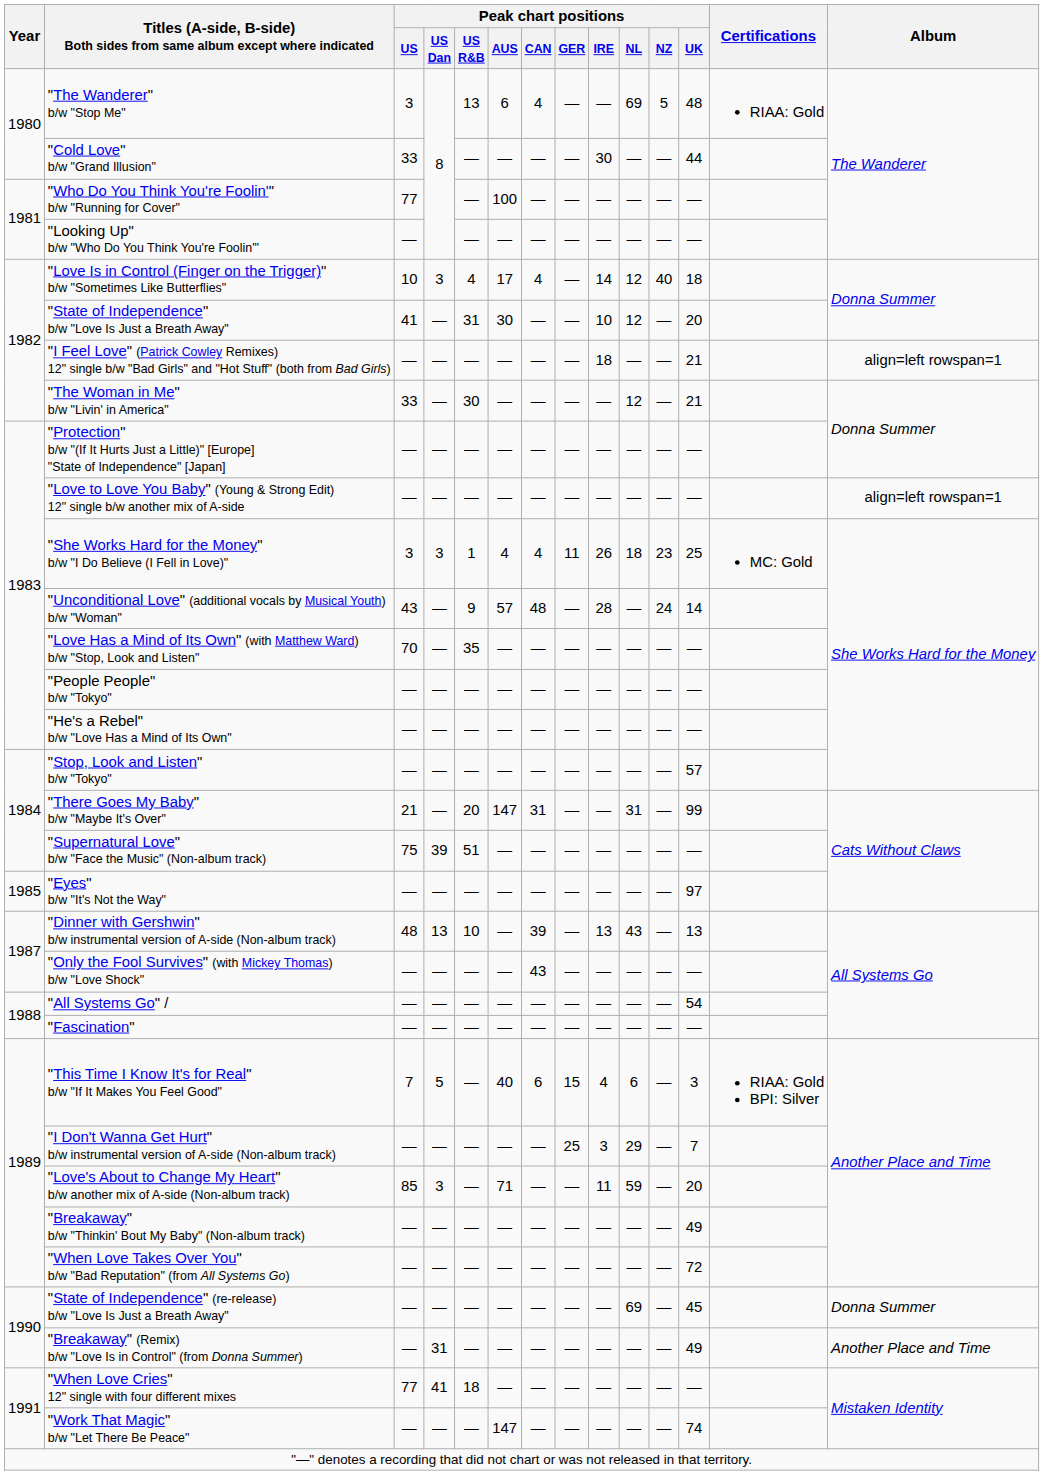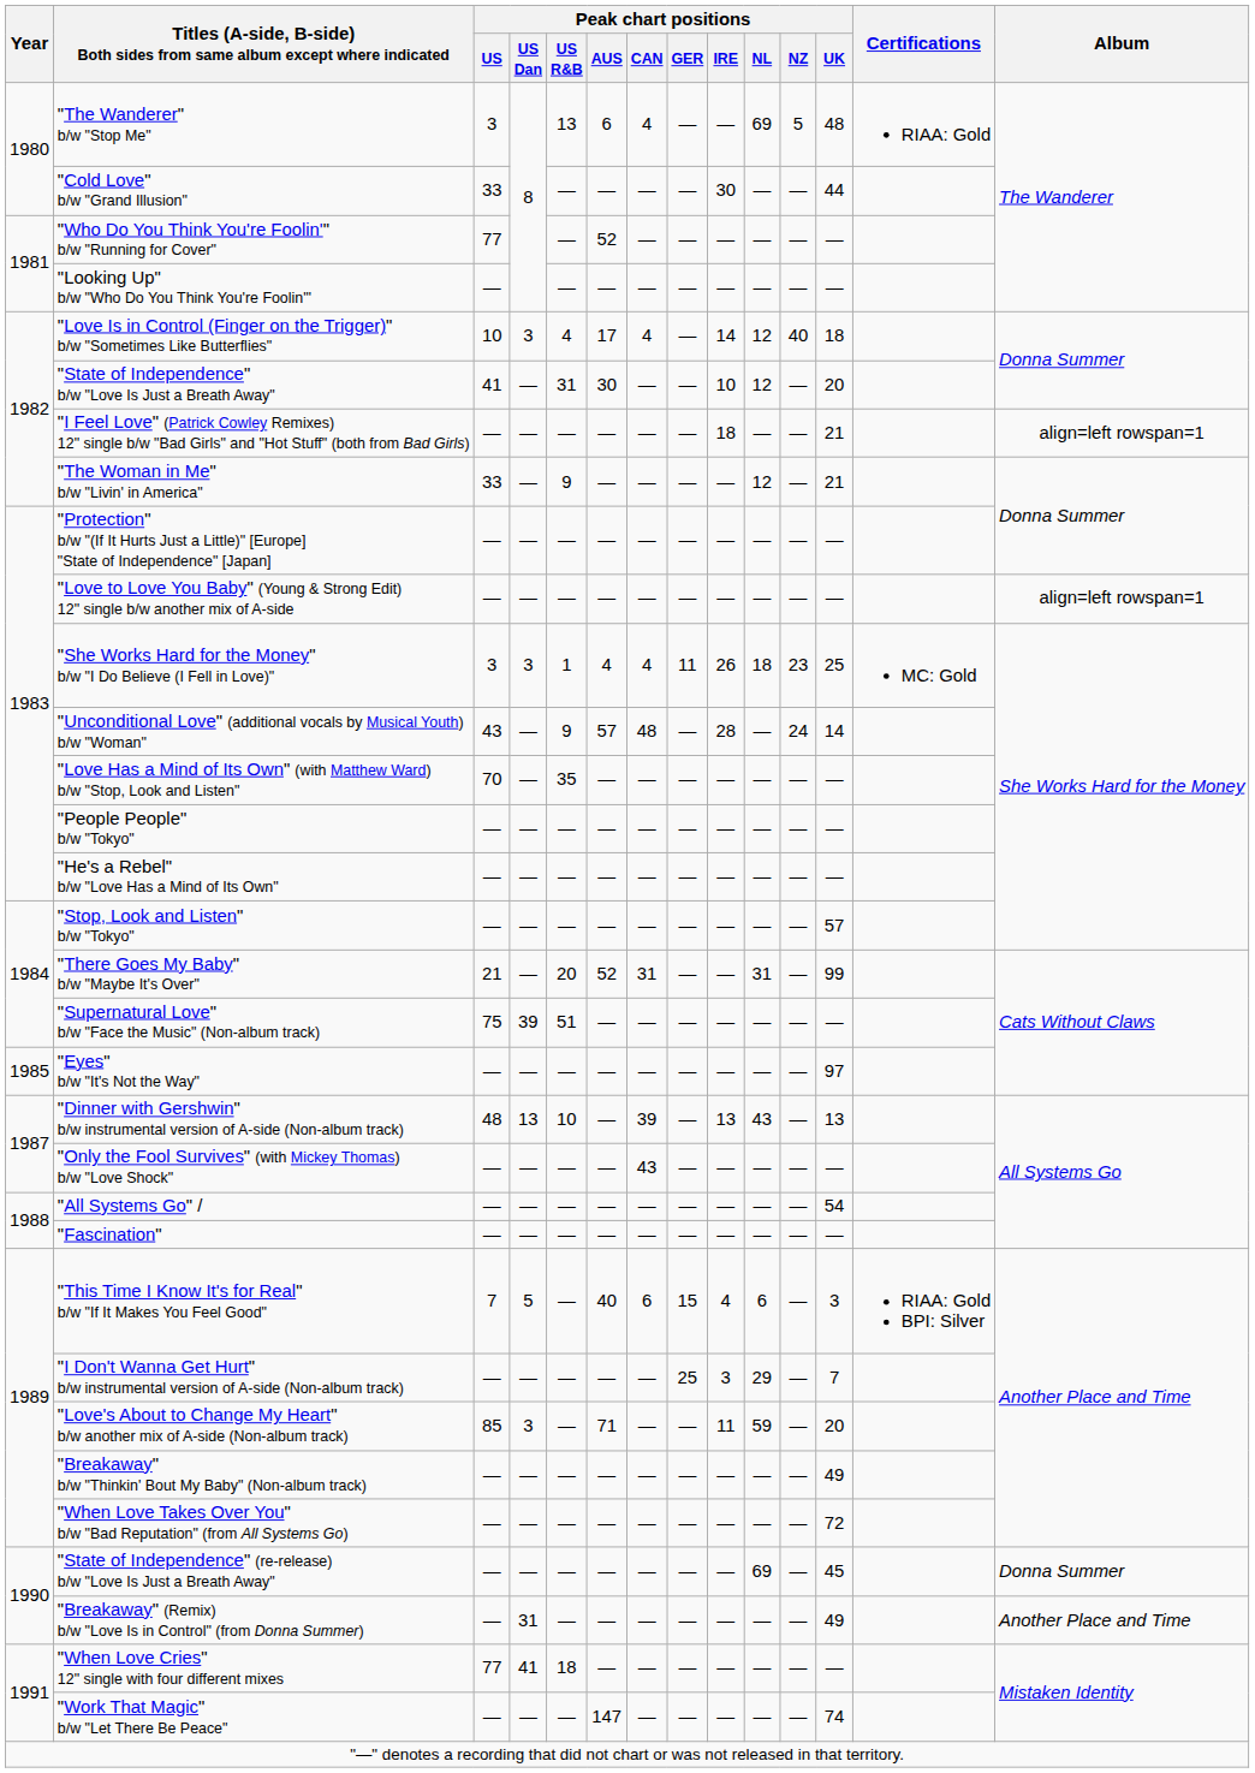 <table class="wikitable" style=text-align:center;>
 <tr>
 <th rowspan="2">Year</th>
 <th rowspan="2">Titles (A-side, B-side)<br><small>Both sides from same album except where indicated</small></th>
 <th colspan="10">Peak chart positions</th>
 <th rowspan="2"><a href='#'>Certifications</a></th>
 <th rowspan="2">Album</th>
 </tr>
 <tr>
 <th width="25"><small><a href='#'>US</a><br></small></th>
 <th width="25"><small><a href='#'>US Dan</a><br></small></th>
 <th width="25"><small><a href='#'>US R&B</a><br></small></th>
 <th width="25"><small><a href='#'>AUS</a><br></small></th>
 <th width="25"><small><a href='#'>CAN</a><br></small></th>
 <th width="25"><small><a href='#'>GER</a><br></small></th>
 <th width="25"><small><a href='#'>IRE</a><br></small></th>
 <th width="25"><small><a href='#'>NL</a><br></small></th>
 <th width="25"><small><a href='#'>NZ</a><br></small></th>
 <th width="25"><small><a href='#'>UK</a><br></small></th>
 </tr>
 <tr>
 <td rowspan="2">1980</td>
 <td align=left>"<a href='#'>The Wanderer</a>"<br><small>b/w "Stop Me"</small></td>
 <td>3</td>
 <td rowspan="4">8</td>
 <td>13</td>
 <td>6</td>
 <td>4</td>
 <td>—</td>
 <td>—</td>
 <td>69</td>
 <td>5</td>
 <td>48 </td>
 <td align=left><br><ul><li>RIAA: Gold</li></ul></td>
 <td align=left rowspan=4><em><a href='#'>The Wanderer</a></em></td>
 </tr>
 <tr>
 <td align=left>"<a href='#'>Cold Love</a>"<br><small>b/w "Grand Illusion"</small></td>
 <td>33</td>
 <td>—</td>
 <td>—</td>
 <td>—</td>
 <td>—</td>
 <td>30</td>
 <td>—</td>
 <td>—</td>
 <td>44 </td>
 <td align=left></td>
 </tr>
 <tr>
 <td rowspan="2">1981</td>
 <td align=left>"<a href='#'>Who Do You Think You're Foolin'</a>"<br><small>b/w "Running for Cover"</small></td>
 <td>77</td>
 <td>—</td>
-<td>100</td>
+<td>52</td>
 <td>—</td>
 <td>—</td>
 <td>—</td>
 <td>—</td>
 <td>—</td>
 <td>—</td>
 <td align=left></td>
 </tr>
 <tr>
 <td align=left>"Looking Up" <br><small>b/w "Who Do You Think You're Foolin'"</small></td>
 <td>—</td>
 <td>—</td>
 <td>—</td>
 <td>—</td>
 <td>—</td>
 <td>—</td>
 <td>—</td>
 <td>—</td>
 <td>—</td>
 <td align=left></td>
 </tr>
 <tr>
 <td rowspan="4">1982</td>
 <td align=left>"<a href='#'>Love Is in Control (Finger on the Trigger)</a>"<br><small>b/w "Sometimes Like Butterflies"</small></td>
 <td>10</td>
 <td>3</td>
 <td>4</td>
 <td>17</td>
 <td>4</td>
 <td>—</td>
 <td>14</td>
 <td>12</td>
 <td>40</td>
 <td>18 </td>
 <td align=left></td>
 <td align=left rowspan=2><em><a href='#'>Donna Summer</a></em></td>
 </tr>
 <tr>
 <td align=left>"<a href='#'>State of Independence</a>"<br><small>b/w "Love Is Just a Breath Away"</small></td>
 <td>41</td>
 <td>—</td>
 <td>31</td>
 <td>30</td>
 <td>—</td>
 <td>—</td>
 <td>10</td>
 <td>12</td>
 <td>—</td>
 <td>20 </td>
 <td align=left></td>
 </tr>
 <tr>
 <td align=left>"<a href='#'>I Feel Love</a>" <small>(<a href='#'>Patrick Cowley</a> Remixes)</small> <br><small>12" single b/w "Bad Girls" and "Hot Stuff" (both from <em>Bad Girls</em>)</small></td>
 <td>—</td>
 <td>—</td>
 <td>—</td>
 <td>—</td>
 <td>—</td>
 <td>—</td>
 <td>18</td>
 <td>—</td>
 <td>—</td>
 <td>21 </td>
 <td align=left></td>
 <td>align=left rowspan=1 </td>
 </tr>
 <tr>
 <td align=left>"<a href='#'>The Woman in Me</a>"<br><small>b/w "Livin' in America"</small></td>
 <td>33</td>
 <td>—</td>
-<td>30</td>
+<td>9</td>
 <td>—</td>
 <td>—</td>
 <td>—</td>
 <td>—</td>
 <td>12</td>
 <td>—</td>
 <td>21 </td>
 <td align=left></td>
 <td align=left rowspan=2><em>Donna Summer</em></td>
 </tr>
 <tr>
 <td rowspan="7">1983</td>
 <td align=left>"<a href='#'>Protection</a>"  <br><small>b/w "(If It Hurts Just a Little)" [Europe]<br>"State of Independence" [Japan]</small></td>
 <td>—</td>
 <td>—</td>
 <td>—</td>
 <td>—</td>
 <td>—</td>
 <td>—</td>
 <td>—</td>
 <td>—</td>
 <td>—</td>
 <td>—</td>
 <td align=left></td>
 </tr>
 <tr>
 <td align=left>"<a href='#'>Love to Love You Baby</a>" <small>(Young & Strong Edit)</small> <br><small>12" single b/w another mix of A-side</small></td>
 <td>—</td>
 <td>—</td>
 <td>—</td>
 <td>—</td>
 <td>—</td>
 <td>—</td>
 <td>—</td>
 <td>—</td>
 <td>—</td>
 <td>—</td>
 <td align=left></td>
 <td>align=left rowspan=1 </td>
 </tr>
 <tr>
 <td align=left>"<a href='#'>She Works Hard for the Money</a>"<br><small>b/w "I Do Believe (I Fell in Love)"</small></td>
 <td>3</td>
 <td>3</td>
 <td>1</td>
 <td>4</td>
 <td>4</td>
 <td>11</td>
 <td>26</td>
 <td>18</td>
 <td>23</td>
 <td>25 </td>
 <td align=left><br><ul><li>MC: Gold</li></ul></td>
 <td align=left rowspan=6><em><a href='#'>She Works Hard for the Money</a></em></td>
 </tr>
 <tr>
 <td align=left>"<a href='#'>Unconditional Love</a>" <small>(additional vocals by <a href='#'>Musical Youth</a>)</small><br><small>b/w "Woman"</small></td>
 <td>43</td>
 <td>—</td>
 <td>9</td>
 <td>57</td>
 <td>48</td>
 <td>—</td>
 <td>28</td>
 <td>—</td>
 <td>24</td>
 <td>14 </td>
 <td align=left></td>
 </tr>
 <tr>
 <td align=left>"<a href='#'>Love Has a Mind of Its Own</a>" <small>(with <a href='#'>Matthew Ward</a>)</small><br><small>b/w "Stop, Look and Listen"</small></td>
 <td>70</td>
 <td>—</td>
 <td>35</td>
 <td>—</td>
 <td>—</td>
 <td>—</td>
 <td>—</td>
 <td>—</td>
 <td>—</td>
 <td>—</td>
 <td align=left></td>
 </tr>
 <tr>
 <td align=left>"People People" <br><small>b/w "Tokyo"</small></td>
 <td>—</td>
 <td>—</td>
 <td>—</td>
 <td>—</td>
 <td>—</td>
 <td>—</td>
 <td>—</td>
 <td>— </td>
 <td>—</td>
 <td>—</td>
 <td align=left></td>
 </tr>
 <tr>
 <td align=left>"He's a Rebel"  <br><small>b/w "Love Has a Mind of Its Own"</small></td>
 <td>—</td>
 <td>—</td>
 <td>—</td>
 <td>—</td>
 <td>—</td>
 <td>—</td>
 <td>—</td>
 <td>—</td>
 <td>—</td>
 <td>—</td>
 <td align=left></td>
 </tr>
 <tr>
 <td rowspan="3">1984</td>
 <td align=left>"<a href='#'>Stop, Look and Listen</a>" <br><small>b/w "Tokyo"</small></td>
 <td>—</td>
 <td>—</td>
 <td>—</td>
 <td>—</td>
 <td>—</td>
 <td>—</td>
 <td>—</td>
 <td>—</td>
 <td>—</td>
 <td>57 </td>
 <td align=left></td>
 </tr>
 <tr>
 <td align=left>"<a href='#'>There Goes My Baby</a>"<br><small>b/w "Maybe It's Over"</small></td>
 <td>21</td>
 <td>—</td>
 <td>20</td>
-<td>147</td>
+<td>52</td>
 <td>31</td>
 <td>—</td>
 <td>—</td>
 <td>31</td>
 <td>—</td>
 <td>99 </td>
 <td align=left></td>
 <td align=left rowspan=3><em><a href='#'>Cats Without Claws</a></em></td>
 </tr>
 <tr>
 <td align=left>"<a href='#'>Supernatural Love</a>"<br><small>b/w "Face the Music" (Non-album track)</small></td>
 <td>75</td>
 <td>39</td>
 <td>51</td>
 <td>—</td>
 <td>—</td>
 <td>—</td>
 <td>—</td>
 <td>—</td>
 <td>—</td>
 <td>—</td>
 <td align=left></td>
 </tr>
 <tr>
 <td>1985</td>
 <td align=left>"<a href='#'>Eyes</a>" <br><small>b/w "It's Not the Way"</small></td>
 <td>—</td>
 <td>—</td>
 <td>—</td>
 <td>—</td>
 <td>—</td>
 <td>—</td>
 <td>—</td>
 <td>—</td>
 <td>—</td>
 <td>97 </td>
 <td align=left></td>
 </tr>
 <tr>
 <td rowspan="2">1987</td>
 <td align=left>"<a href='#'>Dinner with Gershwin</a>"<br><small>b/w instrumental version of A-side (Non-album track)</small></td>
 <td>48</td>
 <td>13</td>
 <td>10</td>
 <td>—</td>
 <td>39</td>
 <td>—</td>
 <td>13</td>
 <td>43</td>
 <td>—</td>
 <td>13 </td>
 <td align=left></td>
 <td align=left rowspan=4><em><a href='#'>All Systems Go</a></em></td>
 </tr>
 <tr>
 <td align=left>"<a href='#'>Only the Fool Survives</a>"  <small>(with <a href='#'>Mickey Thomas</a>)</small><br><small>b/w "Love Shock"</small></td>
 <td>—</td>
 <td>—</td>
 <td>—</td>
 <td>—</td>
 <td>43</td>
 <td>—</td>
 <td>—</td>
 <td>—</td>
 <td>—</td>
 <td>—</td>
 <td align=left></td>
 </tr>
 <tr>
 <td rowspan="2">1988</td>
 <td align=left>"<a href='#'>All Systems Go</a>"  /</td>
 <td>—</td>
 <td>—</td>
 <td>—</td>
 <td>—</td>
 <td>—</td>
 <td>—</td>
 <td>—</td>
 <td>—</td>
 <td>—</td>
 <td>54 </td>
 <td align=left></td>
 </tr>
 <tr>
 <td align=left>"<a href='#'>Fascination</a>" </td>
 <td>—</td>
 <td>—</td>
 <td>—</td>
 <td>—</td>
 <td>—</td>
 <td>—</td>
 <td>—</td>
 <td>—</td>
 <td>—</td>
 <td>—</td>
 <td align=left></td>
 </tr>
 <tr>
 <td rowspan="5">1989</td>
 <td align=left>"<a href='#'>This Time I Know It's for Real</a>"<br><small>b/w "If It Makes You Feel Good"</small></td>
 <td>7</td>
 <td>5</td>
 <td>—</td>
 <td>40</td>
 <td>6</td>
 <td>15</td>
 <td>4</td>
 <td>6</td>
 <td>—</td>
 <td>3 </td>
 <td align=left><br><ul><li>RIAA: Gold</li><li>BPI: Silver</li></ul></td>
 <td align=left rowspan=5><em><a href='#'>Another Place and Time</a></em></td>
 </tr>
 <tr>
 <td align=left>"<a href='#'>I Don't Wanna Get Hurt</a>" <br><small>b/w instrumental version of A-side (Non-album track)</small></td>
 <td>—</td>
 <td>—</td>
 <td>—</td>
 <td>—</td>
 <td>—</td>
 <td>25</td>
 <td>3</td>
 <td>29</td>
 <td>—</td>
 <td>7 </td>
 <td align=left></td>
 </tr>
 <tr>
 <td align=left>"<a href='#'>Love's About to Change My Heart</a>"<br><small>b/w another mix of A-side (Non-album track)</small></td>
 <td>85</td>
 <td>3</td>
 <td>—</td>
 <td>71</td>
 <td>—</td>
 <td>—</td>
 <td>11</td>
 <td>59</td>
 <td>—</td>
 <td>20 </td>
 <td align=left></td>
 </tr>
 <tr>
 <td align=left>"<a href='#'>Breakaway</a>" <br><small>b/w "Thinkin' Bout My Baby" (Non-album track)</small></td>
 <td>—</td>
 <td>—</td>
 <td>—</td>
 <td>—</td>
 <td>—</td>
 <td>—</td>
 <td>—</td>
 <td>—</td>
 <td>—</td>
 <td>49</td>
 <td align=left></td>
 </tr>
 <tr>
 <td align=left>"<a href='#'>When Love Takes Over You</a>" <br><small>b/w "Bad Reputation" (from <em>All Systems Go</em>)</small></td>
 <td>—</td>
 <td>—</td>
 <td>—</td>
 <td>—</td>
 <td>—</td>
 <td>—</td>
 <td>—</td>
 <td>—</td>
 <td>—</td>
 <td>72 </td>
 <td align=left></td>
 </tr>
 <tr>
 <td rowspan="2">1990</td>
 <td align=left>"<a href='#'>State of Independence</a>"  <small>(re-release)</small><br><small>b/w "Love Is Just a Breath Away"</small></td>
 <td>—</td>
 <td>—</td>
 <td>—</td>
 <td>—</td>
 <td>—</td>
 <td>—</td>
 <td>—</td>
 <td>69</td>
 <td>—</td>
 <td>45 </td>
 <td align=left></td>
 <td align=left><em>Donna Summer</em></td>
 </tr>
 <tr>
 <td align=left>"<a href='#'>Breakaway</a>" <small>(Remix)</small><br><small>b/w "Love Is in Control" (from <em>Donna Summer</em>)</small></td>
 <td>—</td>
 <td>31</td>
 <td>—</td>
 <td>—</td>
 <td>—</td>
 <td>—</td>
 <td>—</td>
 <td>—</td>
 <td>—</td>
 <td>49</td>
 <td align=left></td>
 <td align=left><em>Another Place and Time</em></td>
 </tr>
 <tr>
 <td rowspan="2">1991</td>
 <td align=left>"<a href='#'>When Love Cries</a>"<br><small>12" single with four different mixes</small></td>
 <td>77</td>
 <td>41</td>
 <td>18</td>
 <td>—</td>
 <td>—</td>
 <td>—</td>
 <td>—</td>
 <td>—</td>
 <td>—</td>
 <td>—</td>
 <td align=left></td>
 <td align=left rowspan=2><em><a href='#'>Mistaken Identity</a></em></td>
 </tr>
 <tr>
 <td align=left>"<a href='#'>Work That Magic</a>"<br><small>b/w "Let There Be Peace"</small></td>
 <td>—</td>
 <td>—</td>
 <td>—</td>
 <td>147</td>
 <td>—</td>
 <td>—</td>
 <td>—</td>
 <td>—</td>
 <td>—</td>
 <td>74 </td>
 <td align=left></td>
 </tr>
 <tr>
 <td colspan="15" style="font-size:90%">"—" denotes a recording that did not chart or was not released in that territory.</td>
 </tr>
 </table>
